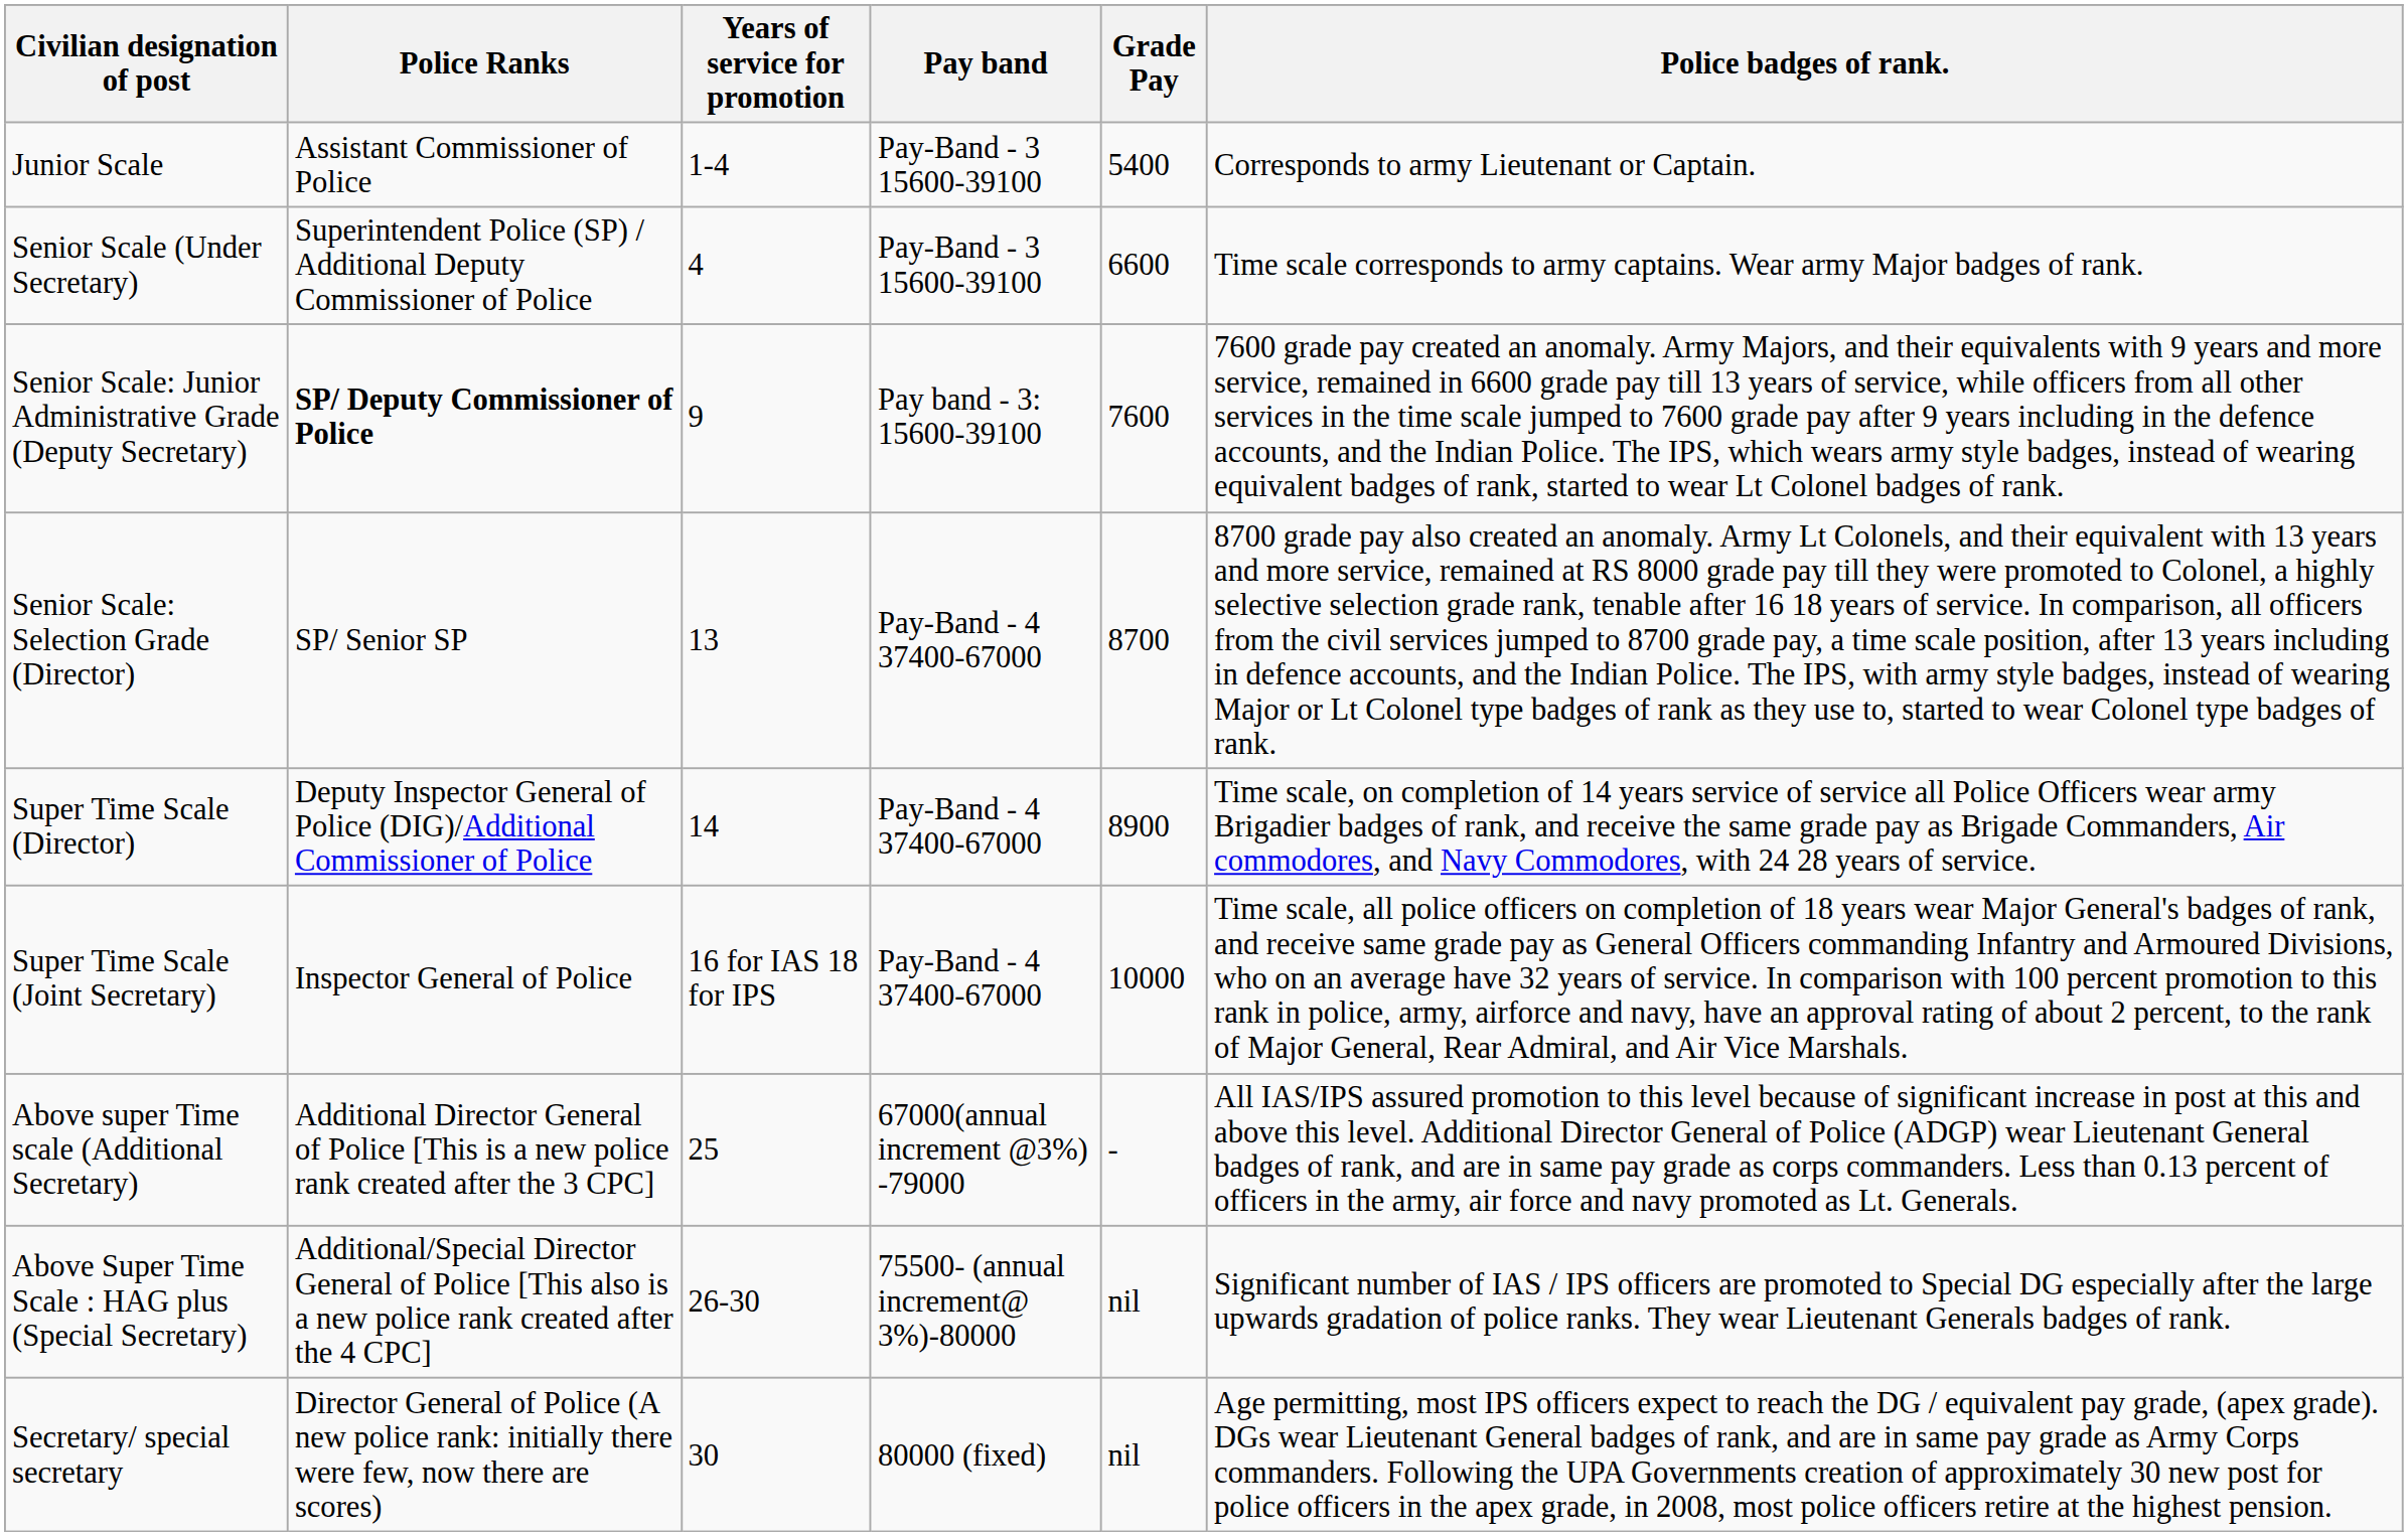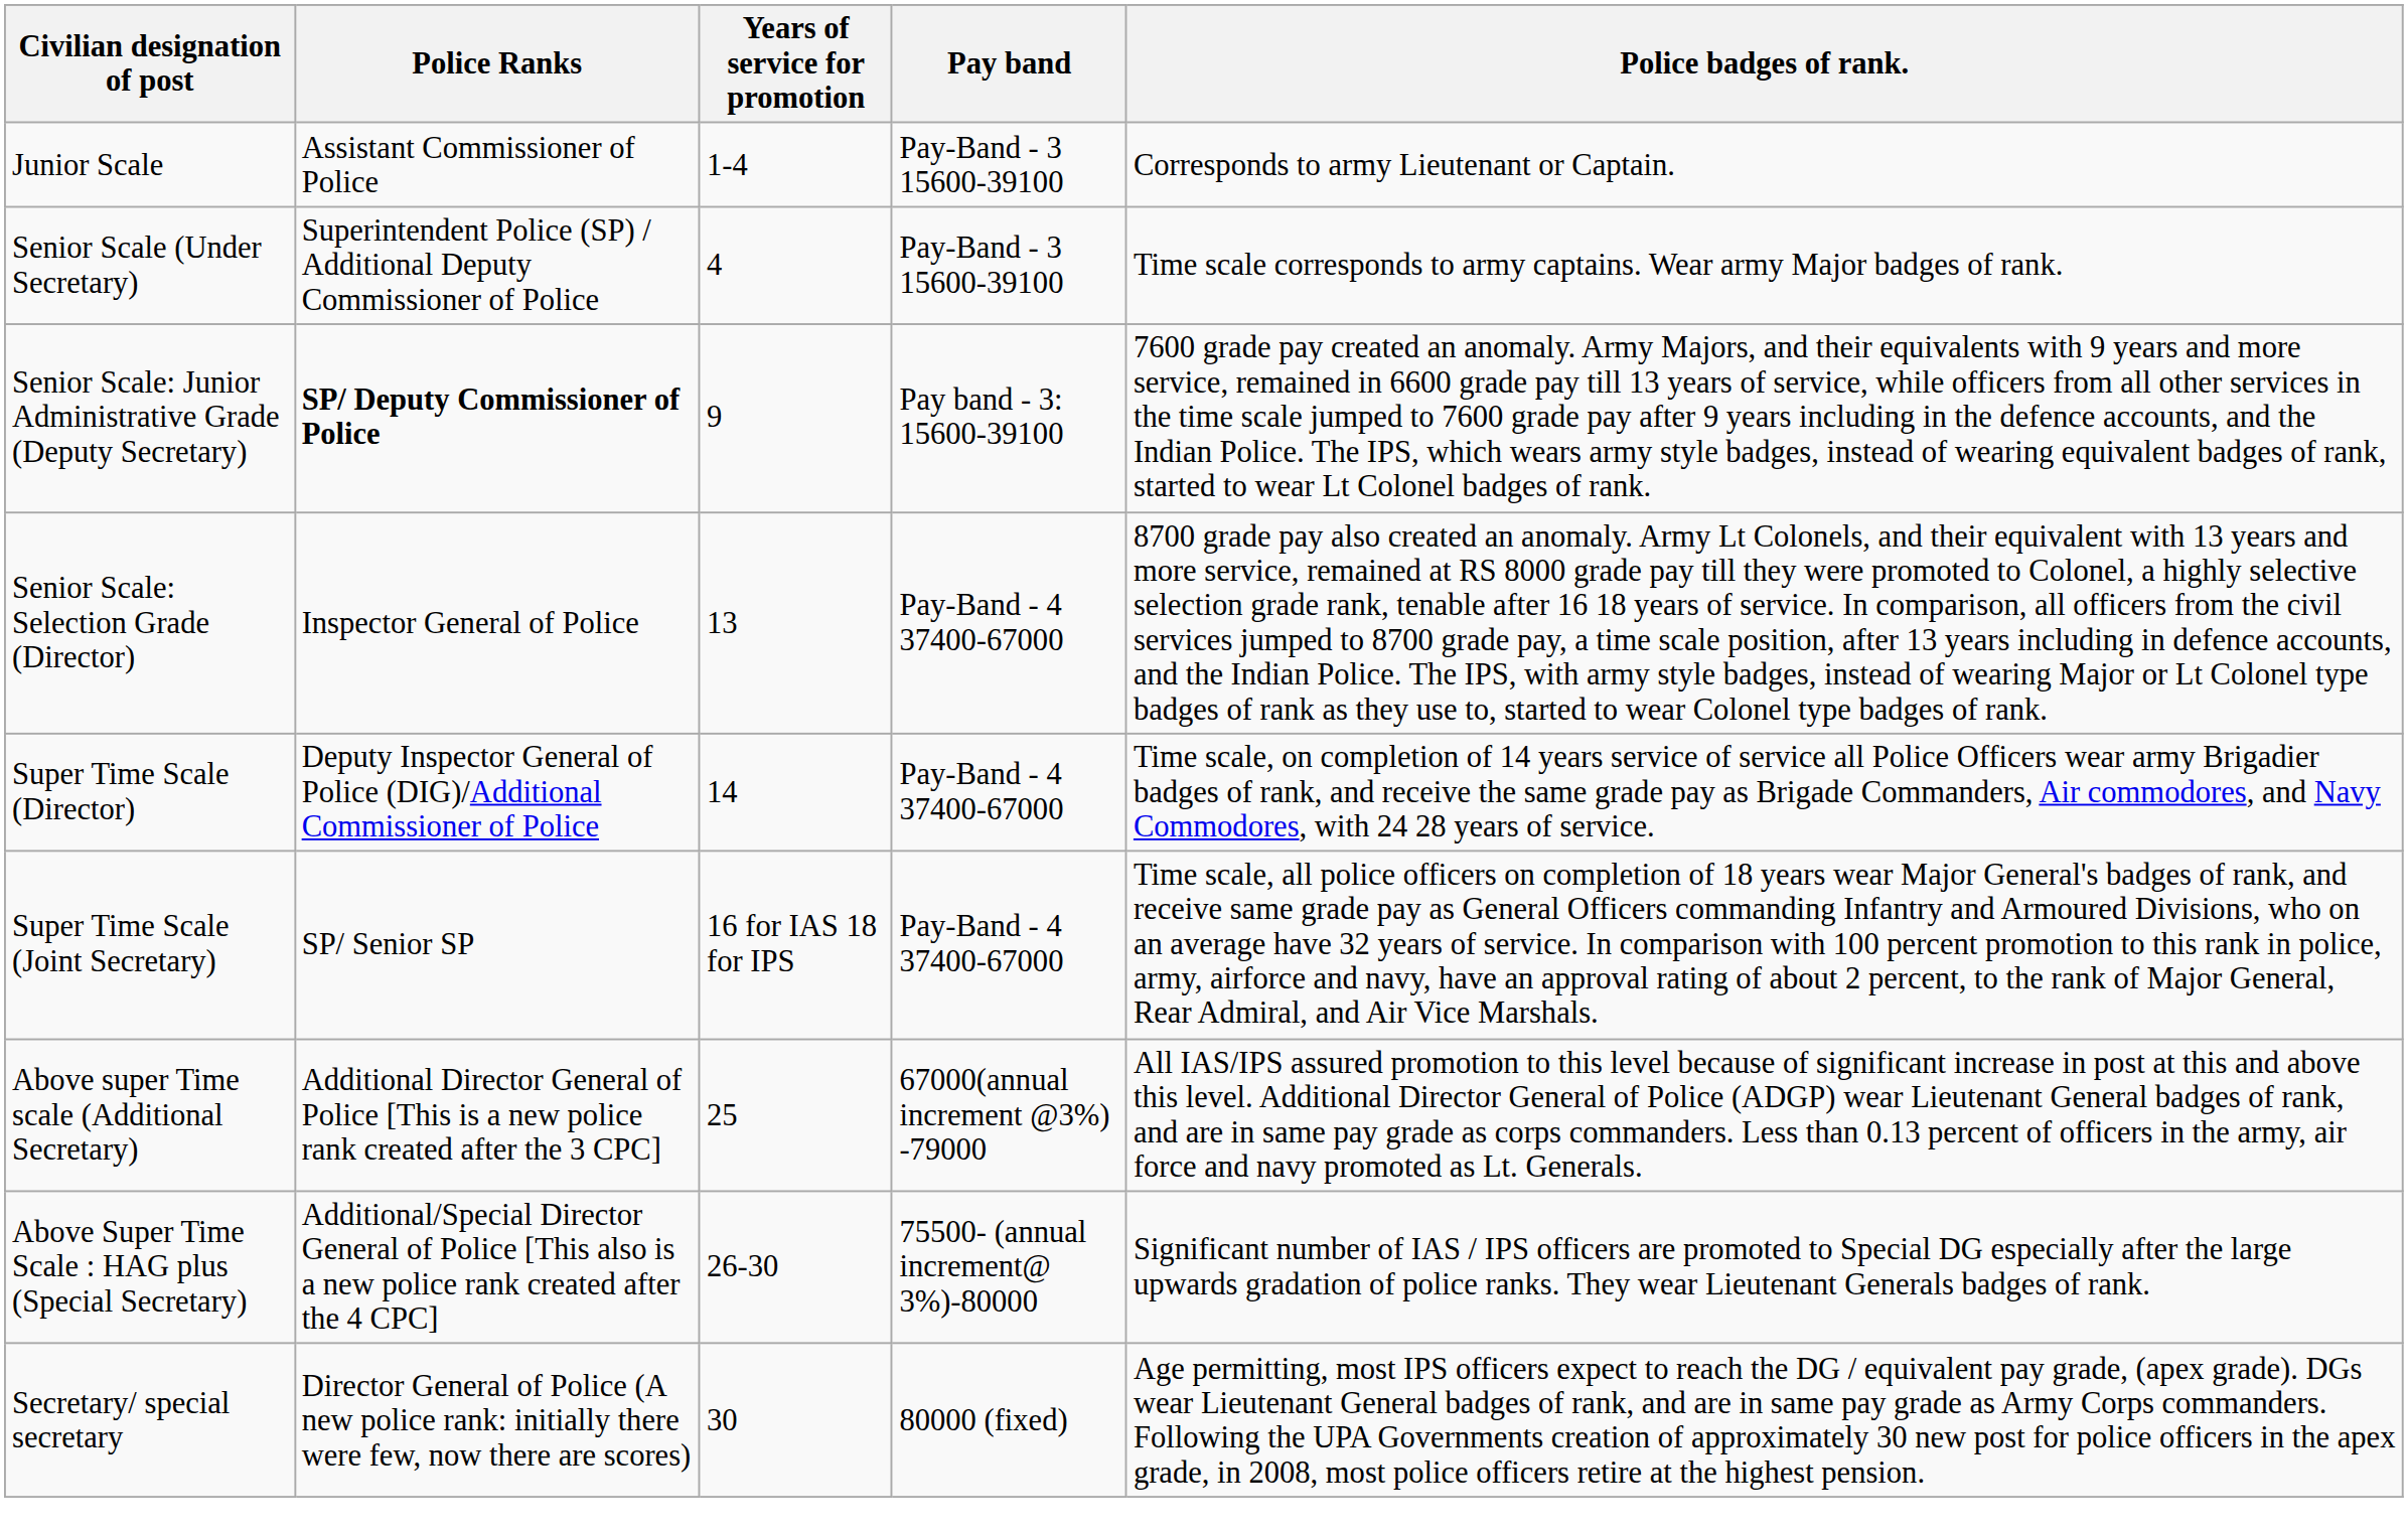 <table class="wikitable">
 <tr>
 <th>Civilian designation of post</th>
 <th>Police Ranks  </th>
 <th>Years of service for promotion</th>
 <th>Pay band</th>
-<th>Grade Pay </th>
 <th>Police badges of rank.<br></th>
 </tr>
 <tr>
 <td>Junior Scale</td>
 <td>Assistant Commissioner of Police</td>
 <td>1-4</td>
 <td>Pay-Band - 3 15600-39100</td>
-<td>5400</td>
 <td>Corresponds to  army Lieutenant or Captain.</td>
 </tr>
 <tr>
 <td>Senior Scale (Under Secretary)</td>
 <td>Superintendent Police (SP) / Additional Deputy Commissioner of Police</td>
 <td>4  </td>
 <td>Pay-Band - 3 15600-39100</td>
-<td>6600</td>
 <td>Time scale corresponds to army captains. Wear army Major badges of rank.</td>
 </tr>
 <tr>
 <td>Senior Scale: Junior Administrative Grade (Deputy Secretary)</td>
 <td><strong>SP/ Deputy Commissioner of Police</strong></td>
 <td>9 </td>
 <td>Pay band - 3: 15600-39100</td>
-<td>7600</td>
 <td>7600 grade pay created an anomaly. Army Majors, and their equivalents with 9 years and more service, remained in 6600 grade pay till 13 years of service, while officers from all other services in the time scale jumped to 7600 grade pay after 9 years including in the defence accounts, and the Indian Police. The IPS, which wears army style badges, instead of wearing equivalent badges of rank, started to wear Lt Colonel badges of rank.</td>
 </tr>
 <tr>
 <td>Senior Scale: Selection Grade (Director)</td>
-<td>SP/ Senior SP</td>
+<td>Inspector General of Police</td>
 <td>13 </td>
 <td>Pay-Band - 4 37400-67000</td>
-<td>8700</td>
 <td>8700 grade pay also created an anomaly. Army Lt Colonels, and their equivalent with 13 years and more service, remained at RS 8000 grade pay till they were promoted to Colonel, a highly selective selection grade rank, tenable after 16  18 years of service. In comparison, all officers from the civil services jumped to 8700 grade pay, a time scale position, after 13 years including in defence accounts, and the Indian Police. The IPS, with army style badges, instead of wearing Major or Lt Colonel type badges of rank as they use to, started to wear Colonel type  badges of rank.</td>
 </tr>
 <tr>
 <td>Super Time Scale (Director)</td>
 <td>Deputy Inspector General of Police (DIG)/<a href='#'>Additional Commissioner of Police</a></td>
 <td>14</td>
 <td>Pay-Band - 4 37400-67000</td>
-<td> 8900</td>
 <td>Time scale,  on completion of 14 years service of service all Police Officers wear army Brigadier badges of rank, and receive the same grade pay as Brigade Commanders,  <a href='#'>Air commodores</a>, and <a href='#'>Navy Commodores</a>, with 24  28 years of service.</td>
 </tr>
 <tr>
 <td>Super Time Scale (Joint Secretary)</td>
-<td>Inspector General of Police</td>
+<td>SP/ Senior SP</td>
 <td>16 for IAS    18 for IPS </td>
 <td>Pay-Band - 4 37400-67000</td>
-<td>10000</td>
 <td>Time scale, all police officers on completion of 18 years wear Major General's badges of rank, and receive same grade pay as General Officers  commanding Infantry and Armoured Divisions, who on an average have 32 years of service. In comparison with 100 percent  promotion to this rank in police, army, airforce and navy, have an approval rating of about 2 percent, to the rank of Major General, Rear Admiral, and Air Vice Marshals.</td>
 </tr>
 <tr>
 <td>Above super Time scale  (Additional Secretary)</td>
 <td>Additional Director General of Police [This is a new  police rank created after the 3 CPC]</td>
 <td>25</td>
 <td>67000(annual increment @3%) -79000</td>
-<td>-</td>
 <td>All IAS/IPS assured promotion to this level because of significant increase in post at this and above this level. Additional Director General of Police (ADGP)  wear Lieutenant General badges of rank, and are in same pay grade as corps commanders.  Less than 0.13 percent of officers in the army, air force and navy promoted as Lt. Generals.</td>
 </tr>
 <tr>
 <td>Above Super Time Scale : HAG plus (Special Secretary)</td>
 <td>Additional/Special  Director General of Police [This  also is a new  police rank created after the 4 CPC]</td>
 <td>26-30</td>
 <td>75500- (annual increment@ 3%)-80000</td>
-<td>nil</td>
 <td>Significant number of IAS / IPS officers are promoted to Special DG especially after the large upwards gradation of police ranks. They wear Lieutenant Generals badges of rank.</td>
 </tr>
 <tr>
 <td>Secretary/ special secretary</td>
 <td>Director General of Police (A new police rank: initially there were few, now there are scores)</td>
 <td>30</td>
 <td>80000 (fixed)</td>
-<td>nil</td>
 <td>Age permitting, most IPS officers expect to reach the DG / equivalent pay grade, (apex grade). DGs wear Lieutenant General badges of rank, and are in same pay grade as Army Corps commanders. Following the UPA Governments creation of approximately 30 new post for police officers in the apex grade, in 2008, most police officers retire at the highest pension.</td>
 </tr>
 </table>
